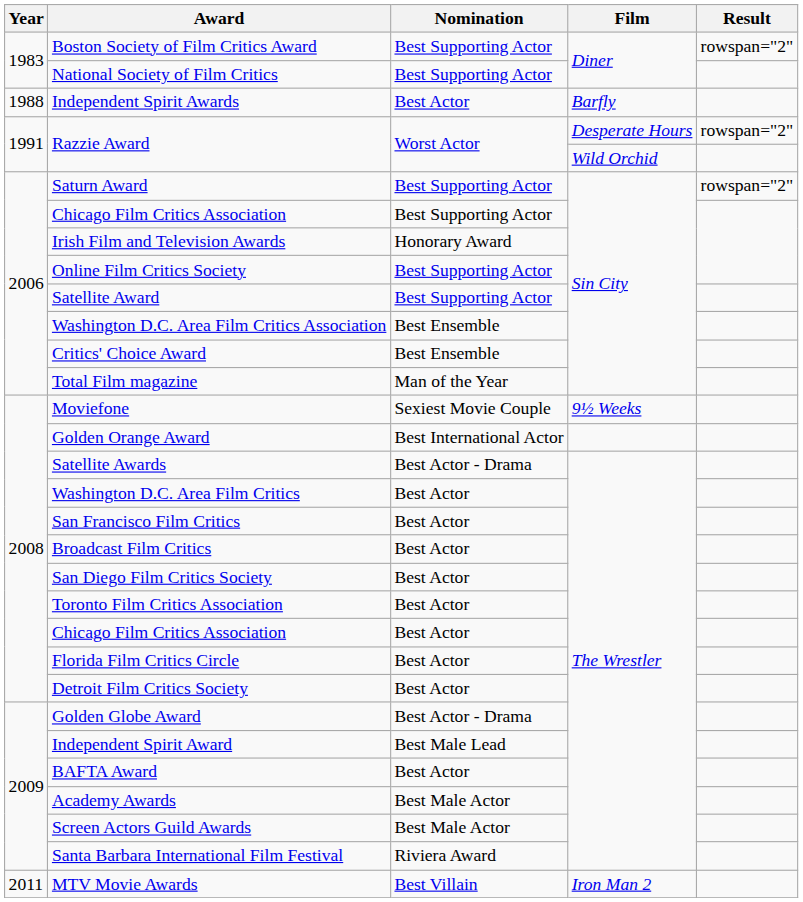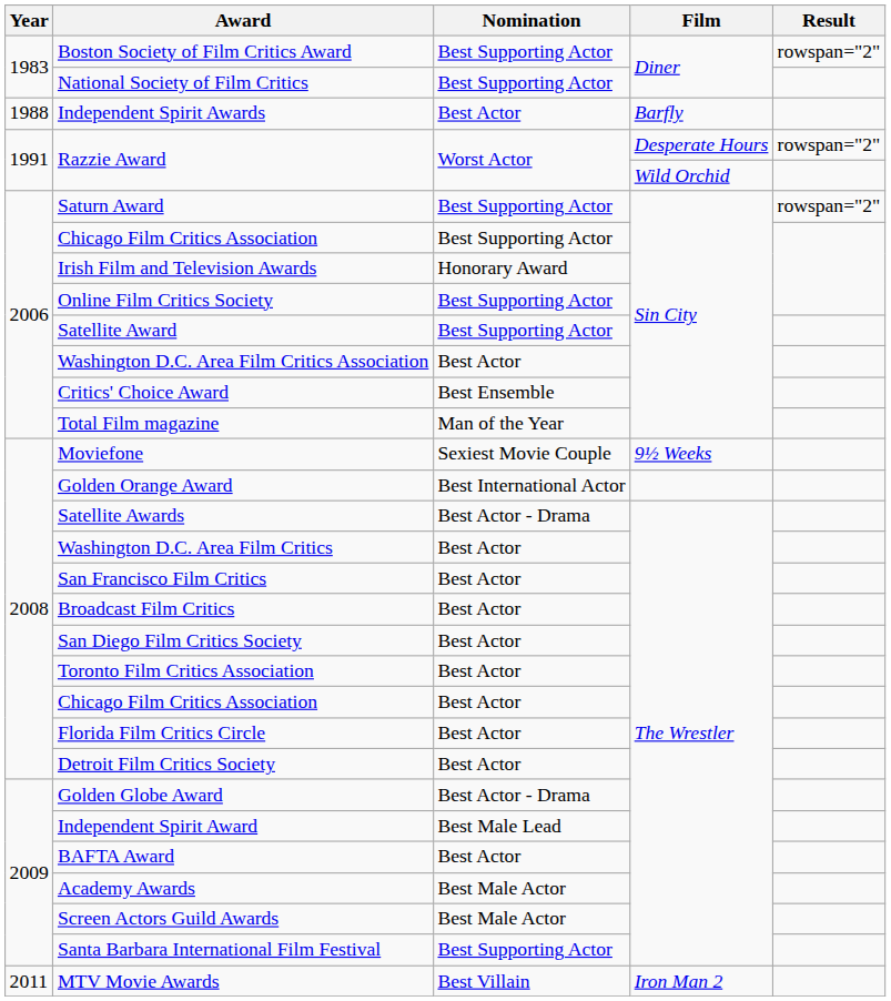 <table class="wikitable sortable">
 <tr>
 <th>Year</th>
 <th>Award</th>
 <th>Nomination</th>
 <th>Film</th>
 <th>Result</th>
 </tr>
 <tr>
 <td rowspan="2">1983</td>
 <td><a href='#'>Boston Society of Film Critics Award</a></td>
 <td><a href='#'>Best Supporting Actor</a></td>
 <td rowspan="2"><em><a href='#'>Diner</a></em></td>
 <td>rowspan="2" </td>
 </tr>
 <tr>
 <td><a href='#'>National Society of Film Critics</a></td>
 <td><a href='#'>Best Supporting Actor</a></td>
 </tr>
 <tr>
 <td>1988</td>
 <td><a href='#'>Independent Spirit Awards</a></td>
 <td><a href='#'>Best Actor</a></td>
 <td><em><a href='#'>Barfly</a></em></td>
 <td></td>
 </tr>
 <tr>
 <td rowspan="2">1991</td>
 <td rowspan="2"><a href='#'>Razzie Award</a></td>
 <td rowspan="2"><a href='#'>Worst Actor</a></td>
 <td><em><a href='#'>Desperate Hours</a></em></td>
 <td>rowspan="2" </td>
 </tr>
 <tr>
 <td><em><a href='#'>Wild Orchid</a></em></td>
 </tr>
 <tr>
 <td rowspan="8">2006</td>
 <td><a href='#'>Saturn Award</a></td>
 <td><a href='#'>Best Supporting Actor</a></td>
 <td rowspan="8"><em><a href='#'>Sin City</a></em></td>
 <td>rowspan="2" </td>
 </tr>
 <tr>
 <td><a href='#'>Chicago Film Critics Association</a></td>
 <td>Best Supporting Actor</td>
 </tr>
 <tr>
 <td><a href='#'>Irish Film and Television Awards</a></td>
 <td>Honorary Award</td>
 </tr>
 <tr>
 <td><a href='#'>Online Film Critics Society</a></td>
 <td><a href='#'>Best Supporting Actor</a></td>
 </tr>
 <tr>
 <td><a href='#'>Satellite Award</a></td>
 <td><a href='#'>Best Supporting Actor</a></td>
 <td></td>
 </tr>
 <tr>
 <td><a href='#'>Washington D.C. Area Film Critics Association</a></td>
-<td>Best Ensemble</td>
+<td>Best Actor</td>
 <td></td>
 </tr>
 <tr>
 <td><a href='#'>Critics' Choice Award</a></td>
 <td>Best Ensemble</td>
 <td></td>
 </tr>
 <tr>
 <td><a href='#'>Total Film magazine</a></td>
 <td>Man of the Year</td>
 <td></td>
 </tr>
 <tr>
 <td rowspan="11">2008</td>
 <td><a href='#'>Moviefone</a></td>
 <td>Sexiest Movie Couple</td>
 <td><em><a href='#'>9½ Weeks</a></em></td>
 <td></td>
 </tr>
 <tr>
 <td><a href='#'>Golden Orange Award</a></td>
 <td>Best International Actor</td>
 <td></td>
 <td></td>
 </tr>
 <tr>
 <td><a href='#'>Satellite Awards</a></td>
 <td>Best Actor - Drama</td>
 <td rowspan="15"><em><a href='#'>The Wrestler</a></em></td>
 <td></td>
 </tr>
 <tr>
 <td><a href='#'>Washington D.C. Area Film Critics</a></td>
 <td>Best Actor</td>
 <td></td>
 </tr>
 <tr>
 <td><a href='#'>San Francisco Film Critics</a></td>
 <td>Best Actor</td>
 <td></td>
 </tr>
 <tr>
 <td><a href='#'>Broadcast Film Critics</a></td>
 <td>Best Actor</td>
 <td></td>
 </tr>
 <tr>
 <td><a href='#'>San Diego Film Critics Society</a></td>
 <td>Best Actor</td>
 <td></td>
 </tr>
 <tr>
 <td><a href='#'>Toronto Film Critics Association</a></td>
 <td>Best Actor</td>
 <td></td>
 </tr>
 <tr>
 <td><a href='#'>Chicago Film Critics Association</a></td>
 <td>Best Actor</td>
 <td></td>
 </tr>
 <tr>
 <td><a href='#'>Florida Film Critics Circle</a></td>
 <td>Best Actor</td>
 <td></td>
 </tr>
 <tr>
 <td><a href='#'>Detroit Film Critics Society</a></td>
 <td>Best Actor</td>
 <td></td>
 </tr>
 <tr>
 <td rowspan="6">2009</td>
 <td><a href='#'>Golden Globe Award</a></td>
 <td>Best Actor - Drama</td>
 <td></td>
 </tr>
 <tr>
 <td><a href='#'>Independent Spirit Award</a></td>
 <td>Best Male Lead</td>
 <td></td>
 </tr>
 <tr>
 <td><a href='#'>BAFTA Award</a></td>
 <td>Best Actor</td>
 <td></td>
 </tr>
 <tr>
 <td><a href='#'>Academy Awards</a></td>
 <td>Best Male Actor</td>
 <td></td>
 </tr>
 <tr>
 <td><a href='#'>Screen Actors Guild Awards</a></td>
 <td>Best Male Actor</td>
 <td></td>
 </tr>
 <tr>
 <td><a href='#'>Santa Barbara International Film Festival</a></td>
-<td>Riviera Award</td>
+<td><a href='#'>Best Supporting Actor</a></td>
 <td></td>
 </tr>
 <tr>
 <td>2011</td>
 <td><a href='#'>MTV Movie Awards</a></td>
 <td><a href='#'>Best Villain</a></td>
 <td><em><a href='#'>Iron Man 2</a></em></td>
 <td></td>
 </tr>
 </table>
